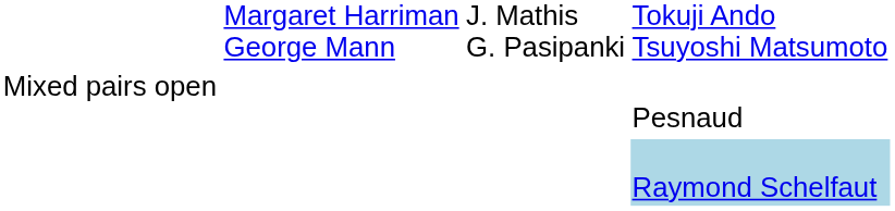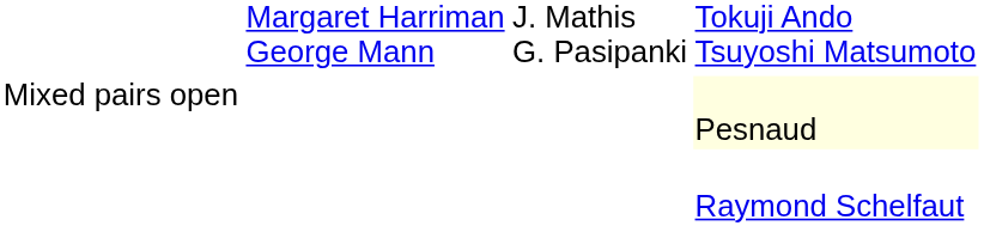 <table>
 <tr>
 <td rowspan="3">Mixed pairs open</td>
 <td rowspan="3" valign=top> <br> <a href='#'>Margaret Harriman</a> <br> <a href='#'>George Mann</a></td>
 <td rowspan="3" valign=top> <br> J. Mathis <br> G. Pasipanki</td>
 <td valign=top> <br> <a href='#'>Tokuji Ando</a> <br> <a href='#'>Tsuyoshi Matsumoto</a></td>
 </tr>
 <tr>
-<td valign=top> <br> Pesnaud</td>
+<td valign=top style="background: lightyellow;"> <br> Pesnaud</td>
 </tr>
 <tr>
-<td valign=top style="background: lightblue;"> <br> <a href='#'>Raymond Schelfaut</a></td>
+<td valign=top> <br> <a href='#'>Raymond Schelfaut</a></td>
 </tr>
 </table>
